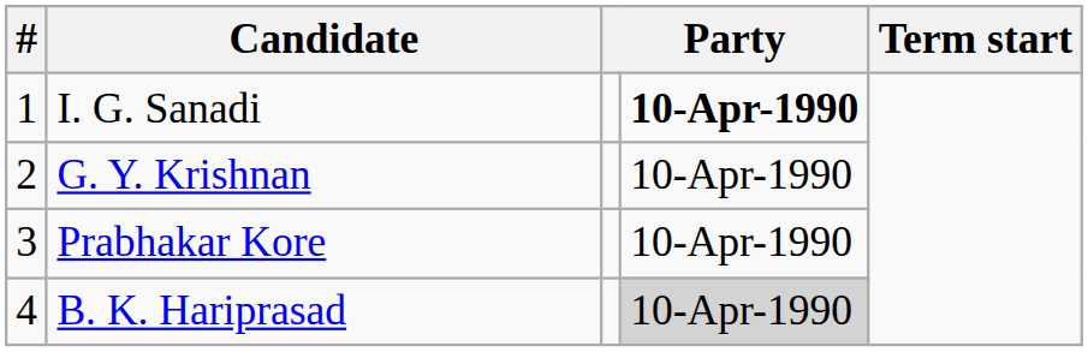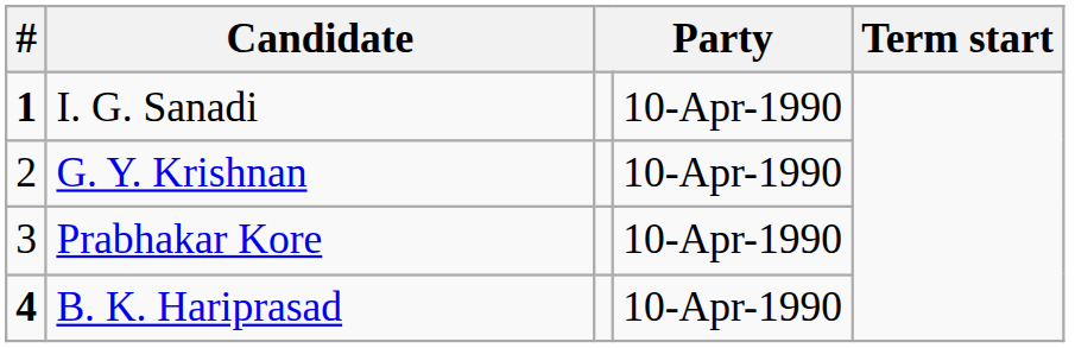 <table class="wikitable">
 <tr>
 <th>#</th>
 <th style="width:200px">Candidate</th>
 <th colspan="2">Party</th>
 <th>Term start</th>
 </tr>
 <tr>
-<td>1</td>
+<td><strong>1</strong></td>
 <td>I. G. Sanadi</td>
 <td></td>
-<td><strong>10-Apr-1990</strong></td>
+<td>10-Apr-1990</td>
 </tr>
 <tr>
 <td>2</td>
 <td><a href='#'>G. Y. Krishnan</a></td>
 <td></td>
 <td>10-Apr-1990</td>
 </tr>
 <tr>
 <td>3</td>
 <td><a href='#'>Prabhakar Kore</a></td>
 <td></td>
 <td>10-Apr-1990</td>
 </tr>
 <tr>
-<td>4</td>
+<td><strong>4</strong></td>
 <td><a href='#'>B. K. Hariprasad</a></td>
 <td></td>
-<td style="background: lightgrey;">10-Apr-1990</td>
+<td>10-Apr-1990</td>
 </tr>
 </table>
